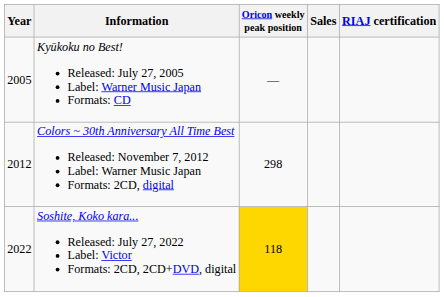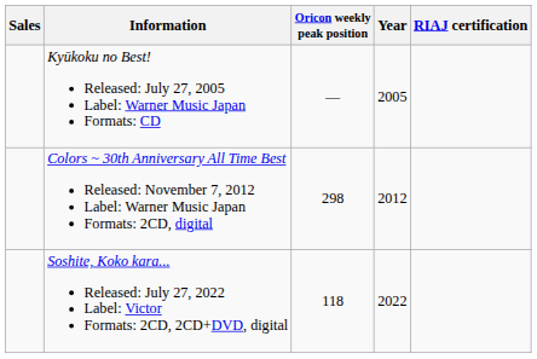 <table class="wikitable">
 <tr>
-<th>Year</th>
+<th>Sales<br></th>
 <th>Information</th>
 <th><small><a href='#'>Oricon</a> weekly<br>peak position</small></th>
-<th>Sales<br></th>
+<th>Year</th>
 <th><a href='#'>RIAJ</a> certification</th>
 </tr>
 <tr>
-<td>2005</td>
+<td align="left"></td>
 <td><em>Kyūkoku no Best!</em><br><ul><li>Released: July 27, 2005</li><li>Label: <a href='#'>Warner Music Japan</a></li><li>Formats: <a href='#'>CD</a></li></ul></td>
 <td style="text-align:center;">—</td>
-<td align="left"></td>
+<td>2005</td>
 <td align="left"></td>
 </tr>
 <tr>
-<td>2012</td>
+<td align="left"></td>
 <td><em><a href='#'>Colors ~ 30th Anniversary All Time Best</a></em><br><ul><li>Released: November 7, 2012</li><li>Label: Warner Music Japan</li><li>Formats: 2CD, <a href='#'>digital</a></li></ul></td>
 <td style="text-align:center;">298</td>
-<td align="left"></td>
+<td>2012</td>
 <td align="left"></td>
 </tr>
 <tr>
+<td align="left"></td>
+<td><em><a href='#'>Soshite, Koko kara...</a></em><br><ul><li>Released: July 27, 2022</li><li>Label: <a href='#'>Victor</a></li><li>Formats: 2CD, 2CD+<a href='#'>DVD</a>, digital</li></ul></td>
+<td style="text-align:center;">118</td>
 <td>2022</td>
-<td><em><a href='#'>Soshite, Koko kara...</a></em><br><ul><li>Released: July 27, 2022</li><li>Label: <a href='#'>Victor</a></li><li>Formats: 2CD, 2CD+<a href='#'>DVD</a>, digital</li></ul></td>
-<td style="background: gold; text-align:center;">118</td>
-<td align="left"></td>
 <td align="left"></td>
 </tr>
 </table>
